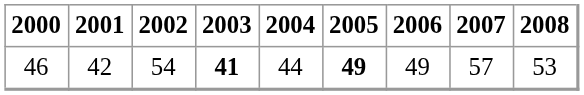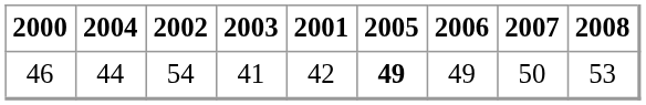 <table align="center" rules="all" cellspacing="0" cellpadding="4" style="border: 1px solid #999; border-right: 2px solid #999; border-bottom:2px solid #999">
 <tr>
 <th>2000</th>
-<th>2001</th>
+<th>2004</th>
 <th>2002</th>
 <th>2003</th>
-<th>2004</th>
+<th>2001</th>
 <th>2005</th>
 <th>2006</th>
 <th>2007</th>
 <th>2008</th>
 </tr>
 <tr>
 <td align=center>46</td>
+<td align=center>44</td>
+<td align=center>54</td>
+<td align=center>41</td>
 <td align=center>42</td>
-<td align=center>54</td>
-<td align=center><strong>41</strong></td>
-<td align=center>44</td>
 <td align=center><strong>49</strong></td>
 <td align=center>49</td>
-<td align=center>57</td>
+<td align=center>50</td>
 <td align=center>53</td>
 </tr>
 </table>
